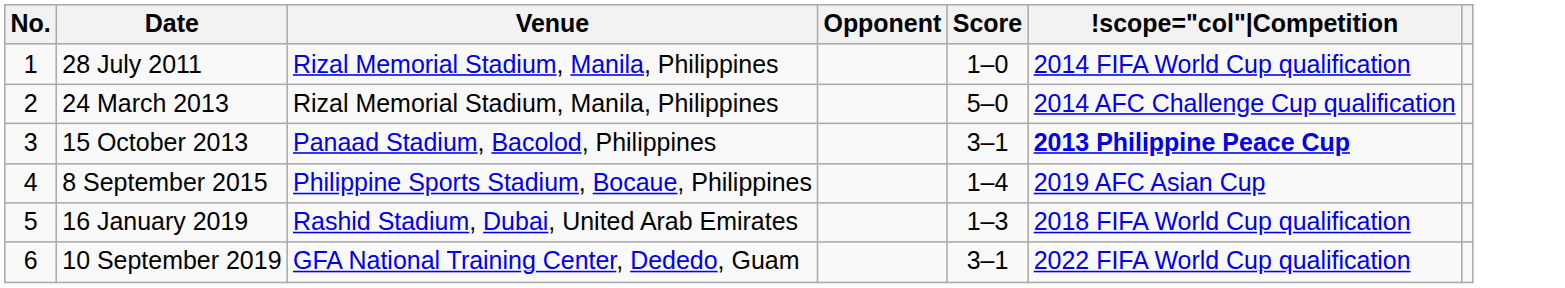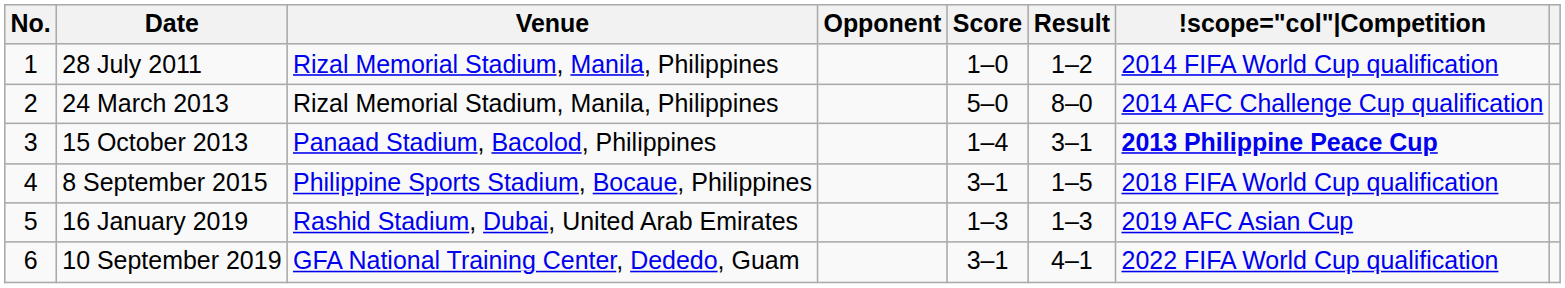 <table class="wikitable sortable">
 <tr>
 <th scope="col">No.</th>
 <th scope="col">Date</th>
 <th scope="col">Venue</th>
 <th scope="col">Opponent</th>
 <th scope="col">Score</th>
+<th scope="col">Result</th>
 <th scope="col">!scope="col"|Competition</th>
 <th scope="col" class="unsortable"></th>
 </tr>
 <tr>
 <td style="text-align:center">1</td>
 <td>28 July 2011</td>
 <td><a href='#'>Rizal Memorial Stadium</a>, <a href='#'>Manila</a>, Philippines</td>
 <td></td>
 <td style="text-align:center">1–0</td>
+<td style="text-align:center">1–2</td>
 <td><a href='#'>2014 FIFA World Cup qualification</a></td>
 <td></td>
 </tr>
 <tr>
 <td style="text-align:center">2</td>
 <td>24 March 2013</td>
 <td>Rizal Memorial Stadium, Manila, Philippines</td>
 <td></td>
 <td style="text-align:center">5–0</td>
+<td style="text-align:center">8–0</td>
 <td><a href='#'>2014 AFC Challenge Cup qualification</a></td>
 <td></td>
 </tr>
 <tr>
 <td style="text-align:center">3</td>
 <td>15 October 2013</td>
 <td><a href='#'>Panaad Stadium</a>, <a href='#'>Bacolod</a>, Philippines</td>
 <td></td>
+<td style="text-align:center">1–4</td>
 <td style="text-align:center">3–1</td>
 <td><strong><a href='#'>2013 Philippine Peace Cup</a></strong></td>
 <td></td>
 </tr>
 <tr>
 <td style="text-align:center">4</td>
 <td>8 September 2015</td>
 <td><a href='#'>Philippine Sports Stadium</a>, <a href='#'>Bocaue</a>, Philippines</td>
 <td></td>
-<td style="text-align:center">1–4</td>
-<td><a href='#'>2019 AFC Asian Cup</a></td>
+<td style="text-align:center">3–1</td>
+<td style="text-align:center">1–5</td>
+<td><a href='#'>2018 FIFA World Cup qualification</a></td>
 <td></td>
 </tr>
 <tr>
 <td style="text-align:center">5</td>
 <td>16 January 2019</td>
 <td><a href='#'>Rashid Stadium</a>, <a href='#'>Dubai</a>, United Arab Emirates</td>
 <td></td>
 <td style="text-align:center">1–3</td>
-<td><a href='#'>2018 FIFA World Cup qualification</a></td>
+<td style="text-align:center">1–3</td>
+<td><a href='#'>2019 AFC Asian Cup</a></td>
 <td></td>
 </tr>
 <tr>
 <td style="text-align:center">6</td>
 <td>10 September 2019</td>
 <td><a href='#'>GFA National Training Center</a>, <a href='#'>Dededo</a>, Guam</td>
 <td></td>
 <td style="text-align:center">3–1</td>
+<td style="text-align:center">4–1</td>
 <td><a href='#'>2022 FIFA World Cup qualification</a></td>
 <td></td>
 </tr>
 </table>
